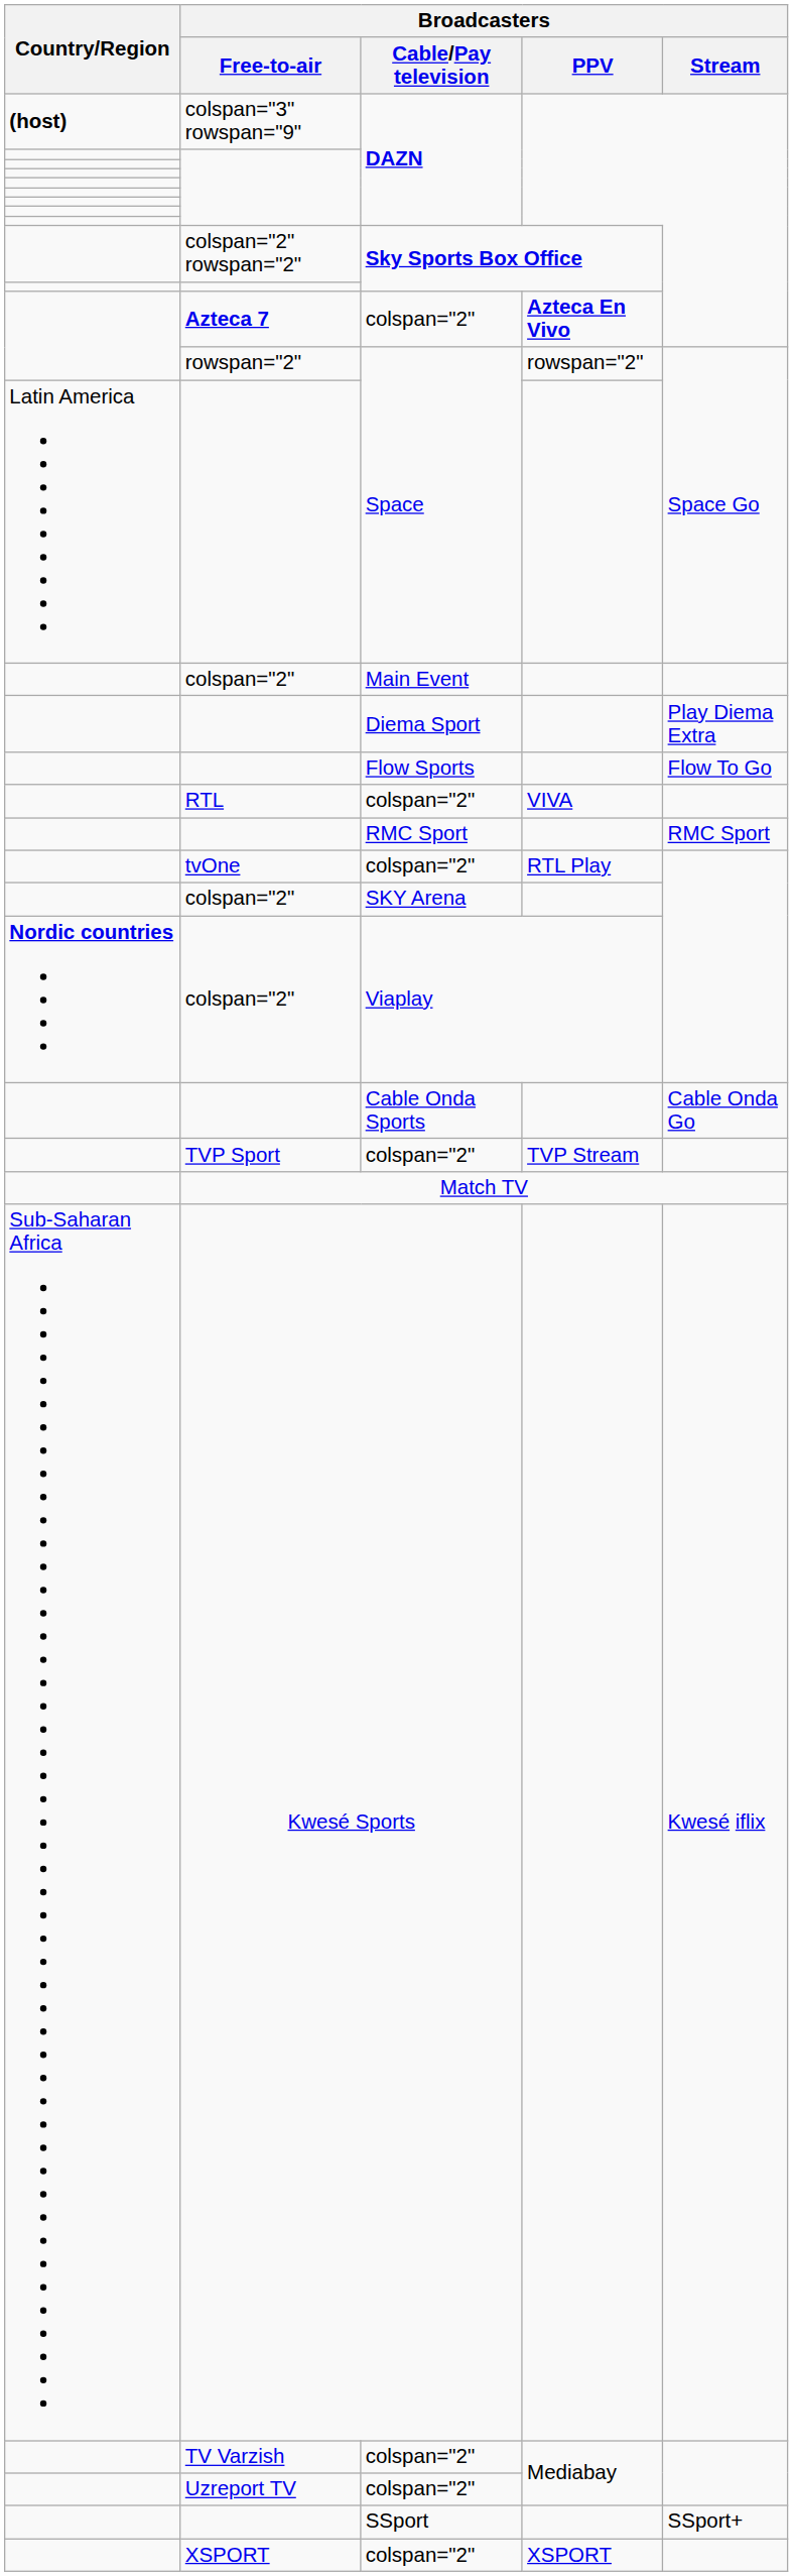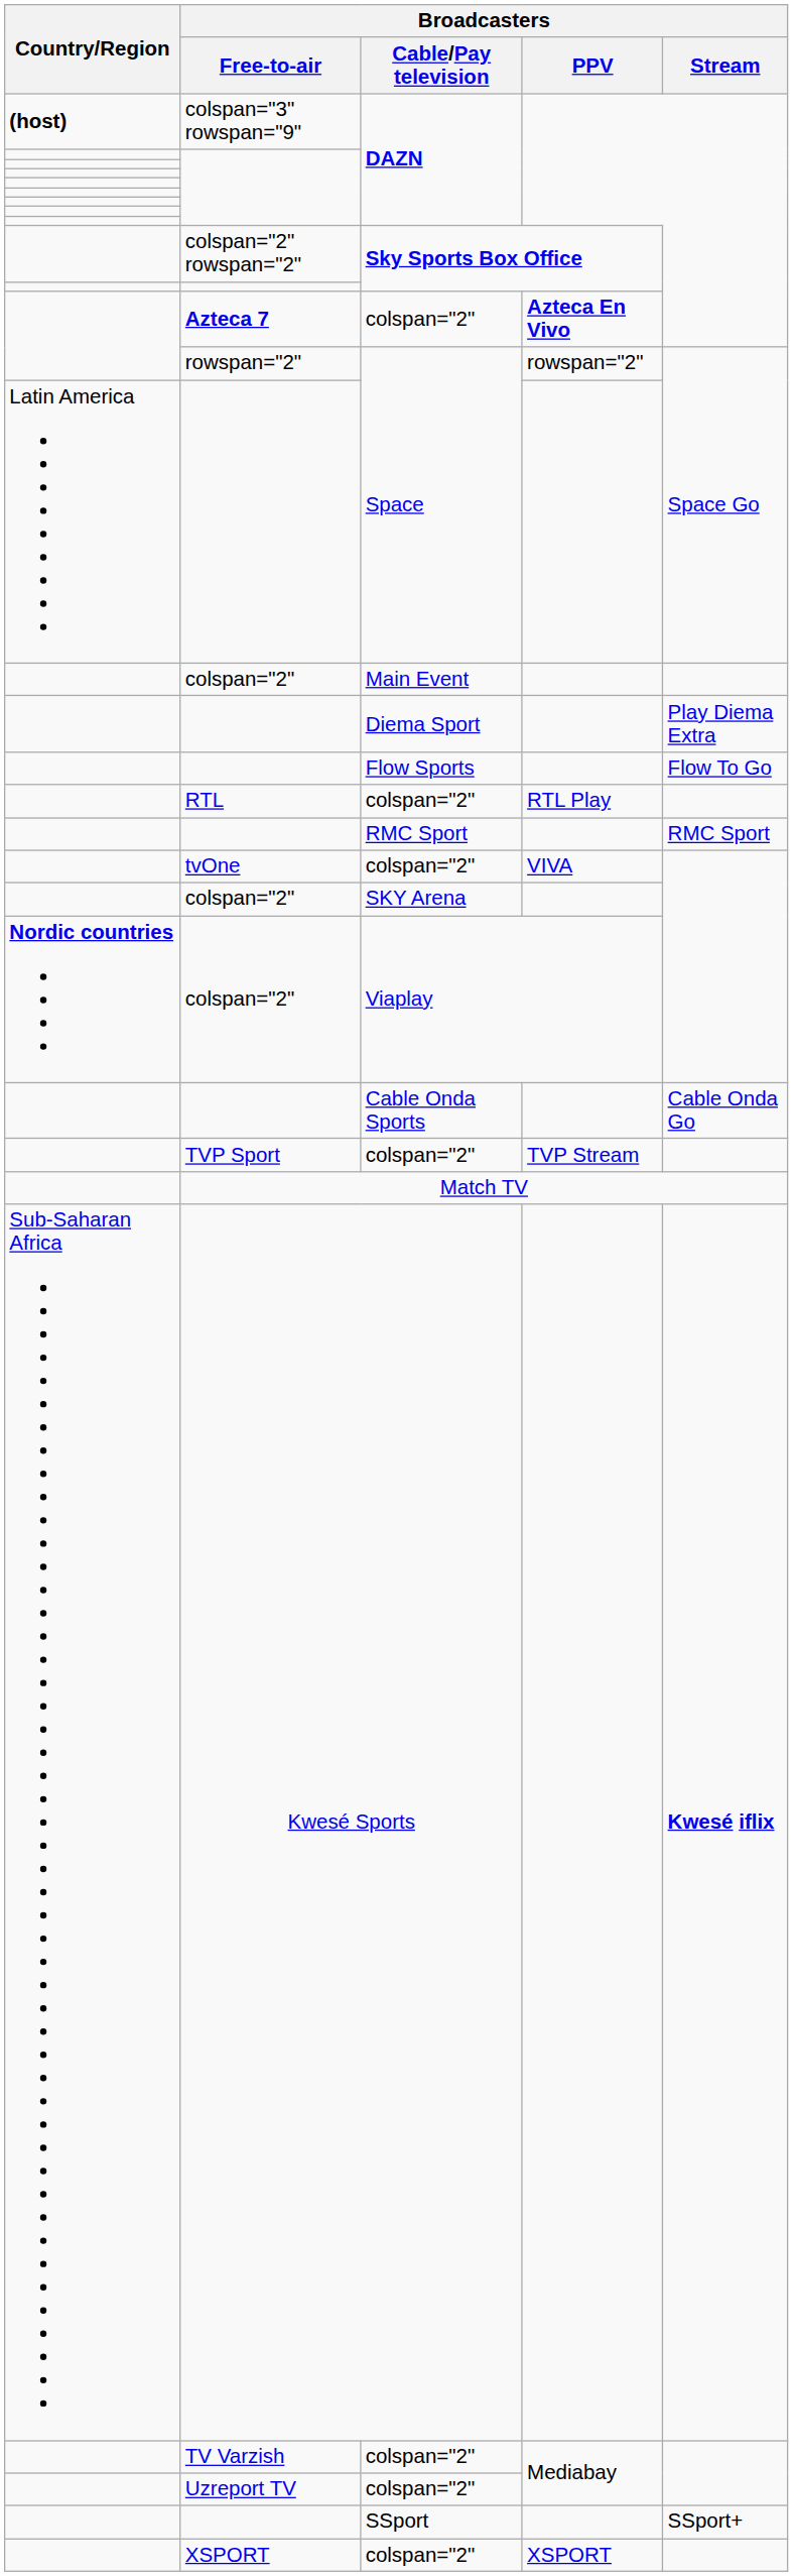 <table class="wikitable">
 <tr>
 <th rowspan="2">Country/Region</th>
 <th colspan="4">Broadcasters</th>
 </tr>
 <tr>
 <th><a href='#'>Free-to-air</a></th>
 <th><a href='#'>Cable</a>/<a href='#'>Pay television</a></th>
 <th><a href='#'>PPV</a></th>
 <th><a href='#'>Stream</a></th>
 </tr>
 <tr>
 <td><strong> (host)</strong></td>
 <td>colspan="3" rowspan="9" </td>
 <td rowspan="9"><strong><a href='#'>DAZN</a></strong></td>
 </tr>
 <tr>
 <td></td>
 </tr>
 <tr>
 <td></td>
 </tr>
 <tr>
 <td></td>
 </tr>
 <tr>
 <td></td>
 </tr>
 <tr>
 <td></td>
 </tr>
 <tr>
 <td></td>
 </tr>
 <tr>
 <td></td>
 </tr>
 <tr>
 <td></td>
 </tr>
 <tr>
 <td><strong></strong></td>
 <td>colspan="2" rowspan="2" </td>
 <td colspan="2" rowspan="2"><strong><a href='#'>Sky Sports Box Office</a></strong></td>
 </tr>
 <tr>
 <td></td>
 </tr>
 <tr>
 <td rowspan="2"><strong></strong></td>
 <td><strong><a href='#'>Azteca 7</a></strong></td>
 <td>colspan="2" </td>
 <td><a href='#'><strong>Azteca En Vivo</strong></a></td>
 </tr>
 <tr>
 <td>rowspan="2" </td>
 <td rowspan="2"><a href='#'>Space</a></td>
 <td>rowspan="2" </td>
 <td rowspan="2"><a href='#'>Space Go</a></td>
 </tr>
 <tr>
 <td>Latin America<br><ul><li></li><li></li><li></li><li></li><li></li><li></li><li></li><li></li><li></li></ul></td>
 </tr>
 <tr>
 <td></td>
 <td>colspan="2" </td>
 <td><a href='#'>Main Event</a></td>
 <td></td>
 </tr>
 <tr>
 <td></td>
 <td></td>
 <td><a href='#'>Diema Sport</a></td>
 <td></td>
 <td><a href='#'>Play Diema Extra</a></td>
 </tr>
 <tr>
 <td></td>
 <td></td>
 <td><a href='#'>Flow Sports</a></td>
 <td></td>
 <td><a href='#'>Flow To Go</a></td>
 </tr>
 <tr>
 <td></td>
 <td><a href='#'>RTL</a></td>
 <td>colspan="2" </td>
-<td><a href='#'>VIVA</a></td>
+<td><a href='#'>RTL Play</a></td>
 </tr>
 <tr>
 <td></td>
 <td></td>
 <td><a href='#'>RMC Sport</a></td>
 <td></td>
 <td><a href='#'>RMC Sport</a></td>
 </tr>
 <tr>
 <td></td>
 <td><a href='#'>tvOne</a></td>
 <td>colspan="2" </td>
-<td><a href='#'>RTL Play</a></td>
+<td><a href='#'>VIVA</a></td>
 </tr>
 <tr>
 <td></td>
 <td>colspan="2" </td>
 <td><a href='#'>SKY Arena</a></td>
 <td></td>
 </tr>
 <tr>
 <td><strong><a href='#'>Nordic countries</a><br><ul><li></li><li></li><li></li><li></li></ul></strong></td>
 <td>colspan="2" </td>
 <td colspan="2"><a href='#'>Viaplay</a></td>
 </tr>
 <tr>
 <td></td>
 <td></td>
 <td><a href='#'>Cable Onda Sports</a></td>
 <td></td>
 <td><a href='#'>Cable Onda Go</a></td>
 </tr>
 <tr>
 <td></td>
 <td><a href='#'>TVP Sport</a></td>
 <td>colspan="2" </td>
 <td><a href='#'>TVP Stream</a></td>
 </tr>
 <tr>
 <td></td>
 <td colspan="4" align="center"><a href='#'>Match TV</a></td>
 </tr>
 <tr>
 <td><a href='#'>Sub-Saharan Africa</a><br><ul><li></li><li></li><li></li><li></li><li></li><li></li><li></li><li></li><li></li><li></li><li></li><li></li><li></li><li></li><li></li><li></li><li></li><li></li><li></li><li></li><li></li><li></li><li></li><li></li><li></li><li></li><li></li><li></li><li></li><li></li><li></li><li></li><li></li><li></li><li></li><li></li><li></li><li></li><li></li><li></li><li></li><li></li><li></li><li></li><li></li><li></li><li></li><li></li><li></li></ul></td>
 <td colspan="2" align="center"><a href='#'>Kwesé Sports</a></td>
 <td></td>
-<td><a href='#'>Kwesé</a> <a href='#'>iflix</a></td>
+<td><strong><a href='#'>Kwesé</a> <a href='#'>iflix</a></strong></td>
 </tr>
 <tr>
 <td></td>
 <td><a href='#'>TV Varzish</a></td>
 <td>colspan="2" </td>
 <td rowspan="2">Mediabay</td>
 </tr>
 <tr>
 <td></td>
 <td><a href='#'>Uzreport TV</a></td>
 <td>colspan="2" </td>
 </tr>
 <tr>
 <td></td>
 <td></td>
 <td>SSport</td>
 <td></td>
 <td>SSport+</td>
 </tr>
 <tr>
 <td></td>
 <td><a href='#'>XSPORT</a></td>
 <td>colspan="2" </td>
 <td><a href='#'>XSPORT</a></td>
 </tr>
 </table>
